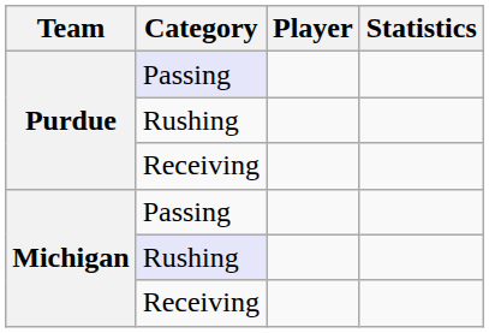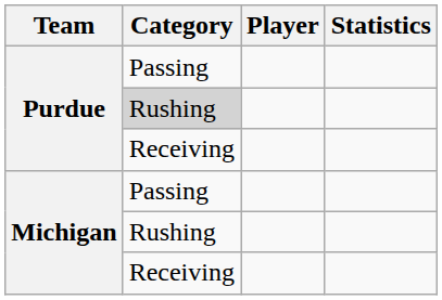 <table class="wikitable" style="float:right">
 <tr>
 <th>Team</th>
 <th>Category</th>
 <th>Player</th>
 <th>Statistics</th>
 </tr>
 <tr>
 <th rowspan=3>Purdue</th>
-<td style="background: lavender;">Passing</td>
+<td>Passing</td>
 <td></td>
 <td></td>
 </tr>
 <tr>
-<td>Rushing</td>
+<td style="background: lightgrey;">Rushing</td>
 <td></td>
 <td></td>
 </tr>
 <tr>
 <td>Receiving</td>
 <td></td>
 <td></td>
 </tr>
 <tr>
 <th rowspan=3>Michigan</th>
 <td>Passing</td>
 <td></td>
 <td></td>
 </tr>
 <tr>
-<td style="background: lavender;">Rushing</td>
+<td>Rushing</td>
 <td></td>
 <td></td>
 </tr>
 <tr>
 <td>Receiving</td>
 <td></td>
 <td></td>
 </tr>
 </table>
